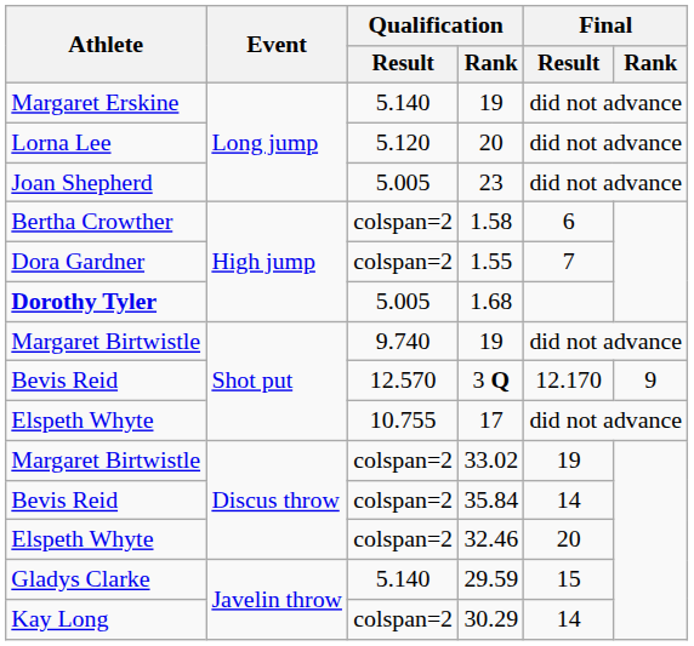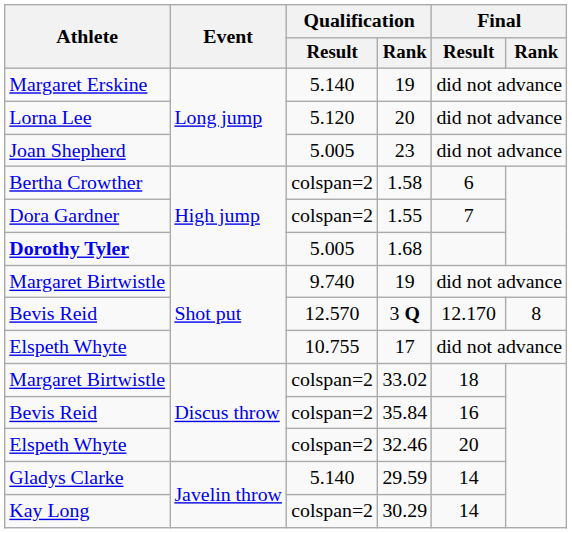 <table class=wikitable style=font-size:90%;text-align:center>
 <tr>
 <th rowspan=2>Athlete</th>
 <th rowspan=2>Event</th>
 <th colspan=2>Qualification</th>
 <th colspan=2>Final</th>
 </tr>
 <tr style=font-size:95%>
 <th>Result</th>
 <th>Rank</th>
 <th>Result</th>
 <th>Rank</th>
 </tr>
 <tr>
 <td align=left><a href='#'>Margaret Erskine</a></td>
 <td align=left rowspan=3><a href='#'>Long jump</a></td>
 <td>5.140</td>
 <td>19</td>
 <td colspan=2>did not advance</td>
 </tr>
 <tr>
 <td align=left><a href='#'>Lorna Lee</a></td>
 <td>5.120</td>
 <td>20</td>
 <td colspan=2>did not advance</td>
 </tr>
 <tr>
 <td align=left><a href='#'>Joan Shepherd</a></td>
 <td>5.005</td>
 <td>23</td>
 <td colspan=2>did not advance</td>
 </tr>
 <tr>
 <td align=left><a href='#'>Bertha Crowther</a></td>
 <td align=left rowspan=3><a href='#'>High jump</a></td>
 <td>colspan=2 </td>
 <td>1.58</td>
 <td>6</td>
 </tr>
 <tr>
 <td align=left><a href='#'>Dora Gardner</a></td>
 <td>colspan=2 </td>
 <td>1.55</td>
 <td>7</td>
 </tr>
 <tr>
 <td align=left><strong><a href='#'>Dorothy Tyler</a></strong></td>
 <td>5.005</td>
 <td>1.68</td>
 <td></td>
 </tr>
 <tr>
 <td align=left><a href='#'>Margaret Birtwistle</a></td>
 <td align=left rowspan=3><a href='#'>Shot put</a></td>
 <td>9.740</td>
 <td>19</td>
 <td colspan=2>did not advance</td>
 </tr>
 <tr>
 <td align=left><a href='#'>Bevis Reid</a></td>
 <td>12.570</td>
 <td>3 <strong>Q</strong></td>
 <td>12.170</td>
-<td>9</td>
+<td>8</td>
 </tr>
 <tr>
 <td align=left><a href='#'>Elspeth Whyte</a></td>
 <td>10.755</td>
 <td>17</td>
 <td colspan=2>did not advance</td>
 </tr>
 <tr>
 <td align=left><a href='#'>Margaret Birtwistle</a></td>
 <td align=left rowspan=3><a href='#'>Discus throw</a></td>
 <td>colspan=2 </td>
 <td>33.02</td>
-<td>19</td>
+<td>18</td>
 </tr>
 <tr>
 <td align=left><a href='#'>Bevis Reid</a></td>
 <td>colspan=2 </td>
 <td>35.84</td>
-<td>14</td>
+<td>16</td>
 </tr>
 <tr>
 <td align=left><a href='#'>Elspeth Whyte</a></td>
 <td>colspan=2 </td>
 <td>32.46</td>
 <td>20</td>
 </tr>
 <tr>
 <td align=left><a href='#'>Gladys Clarke</a></td>
 <td align=left rowspan=2><a href='#'>Javelin throw</a></td>
 <td>5.140</td>
 <td>29.59</td>
-<td>15</td>
+<td>14</td>
 </tr>
 <tr>
 <td align=left><a href='#'>Kay Long</a></td>
 <td>colspan=2 </td>
 <td>30.29</td>
 <td>14</td>
 </tr>
 </table>
